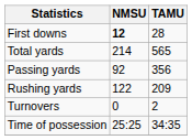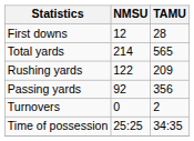 <table class="wikitable" style="float: left;">
 <tr>
 <th>Statistics</th>
 <th>NMSU</th>
 <th>TAMU</th>
 </tr>
 <tr>
 <td>First downs</td>
-<td><strong>12</strong></td>
+<td>12</td>
 <td>28</td>
 </tr>
 <tr>
 <td>Total yards</td>
 <td>214</td>
 <td>565</td>
 </tr>
 <tr>
+<td>Rushing yards</td>
+<td>122</td>
+<td>209</td>
+</tr>
+<tr>
 <td>Passing yards</td>
 <td>92</td>
 <td>356</td>
-</tr>
-<tr>
-<td>Rushing yards</td>
-<td>122</td>
-<td>209</td>
 </tr>
 <tr>
 <td>Turnovers</td>
 <td>0</td>
 <td>2</td>
 </tr>
 <tr>
 <td>Time of possession</td>
 <td>25:25</td>
 <td>34:35</td>
 </tr>
 <tr>
 </tr>
 </table>
